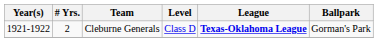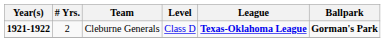 <table class="wikitable" style="text-align:center; font-size: 95%;">
 <tr>
 <th>Year(s)</th>
 <th># Yrs.</th>
 <th>Team</th>
 <th>Level</th>
 <th>League</th>
 <th>Ballpark</th>
 </tr>
 <tr>
-<td>1921-1922</td>
+<td><strong>1921-1922</strong></td>
 <td>2</td>
 <td>Cleburne Generals</td>
 <td><a href='#'>Class D</a></td>
 <td><strong><a href='#'>Texas-Oklahoma League</a></strong></td>
-<td>Gorman's Park</td>
+<td><strong>Gorman's Park</strong></td>
 </tr>
 <tr>
 </tr>
 </table>
